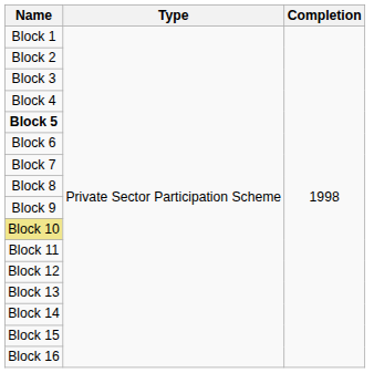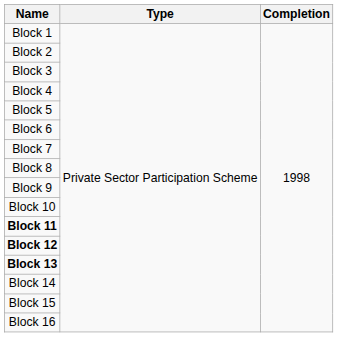 <table class="wikitable" style="text-align: center">
 <tr>
 <th>Name</th>
 <th>Type</th>
 <th>Completion</th>
 </tr>
 <tr>
 <td>Block 1</td>
 <td rowspan="16">Private Sector Participation Scheme</td>
 <td rowspan="16">1998</td>
 </tr>
 <tr>
 <td>Block 2</td>
 </tr>
 <tr>
 <td>Block 3</td>
 </tr>
 <tr>
 <td>Block 4</td>
 </tr>
 <tr>
-<td><strong>Block 5</strong></td>
+<td>Block 5</td>
 </tr>
 <tr>
 <td>Block 6</td>
 </tr>
 <tr>
 <td>Block 7</td>
 </tr>
 <tr>
 <td>Block 8</td>
 </tr>
 <tr>
 <td>Block 9</td>
 </tr>
 <tr>
-<td style="background: khaki;">Block 10</td>
+<td>Block 10</td>
 </tr>
 <tr>
-<td>Block 11</td>
+<td><strong>Block 11</strong></td>
 </tr>
 <tr>
-<td>Block 12</td>
+<td><strong>Block 12</strong></td>
 </tr>
 <tr>
-<td>Block 13</td>
+<td><strong>Block 13</strong></td>
 </tr>
 <tr>
 <td>Block 14</td>
 </tr>
 <tr>
 <td>Block 15</td>
 </tr>
 <tr>
 <td>Block 16</td>
 </tr>
 </table>
